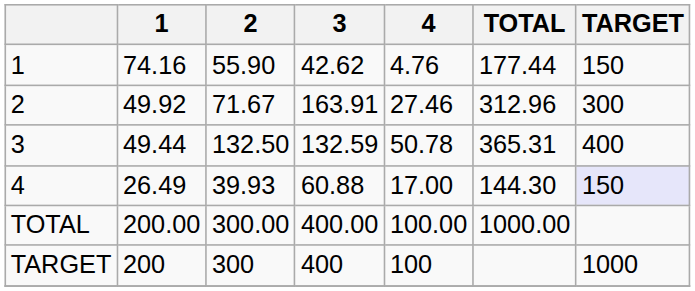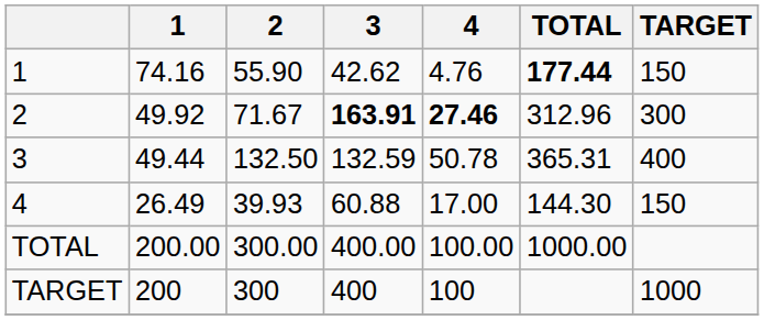 <table class="wikitable" style="margin:1em auto;">
 <tr>
 <th></th>
 <th>1</th>
 <th>2</th>
 <th>3</th>
 <th>4</th>
 <th>TOTAL</th>
 <th>TARGET</th>
 </tr>
 <tr>
 <td>1</td>
 <td>74.16</td>
 <td>55.90</td>
 <td>42.62</td>
 <td>4.76</td>
-<td>177.44</td>
+<td><strong>177.44</strong></td>
 <td>150</td>
 </tr>
 <tr>
 <td>2</td>
 <td>49.92</td>
 <td>71.67</td>
-<td>163.91</td>
-<td>27.46</td>
+<td><strong>163.91</strong></td>
+<td><strong>27.46</strong></td>
 <td>312.96</td>
 <td>300</td>
 </tr>
 <tr>
 <td>3</td>
 <td>49.44</td>
 <td>132.50</td>
 <td>132.59</td>
 <td>50.78</td>
 <td>365.31</td>
 <td>400</td>
 </tr>
 <tr>
 <td>4</td>
 <td>26.49</td>
 <td>39.93</td>
 <td>60.88</td>
 <td>17.00</td>
 <td>144.30</td>
-<td style="background: lavender;">150</td>
+<td>150</td>
 </tr>
 <tr>
 <td>TOTAL</td>
 <td>200.00</td>
 <td>300.00</td>
 <td>400.00</td>
 <td>100.00</td>
 <td>1000.00</td>
 <td></td>
 </tr>
 <tr>
 <td>TARGET</td>
 <td>200</td>
 <td>300</td>
 <td>400</td>
 <td>100</td>
 <td></td>
 <td>1000</td>
 </tr>
 <tr>
 </tr>
 </table>
